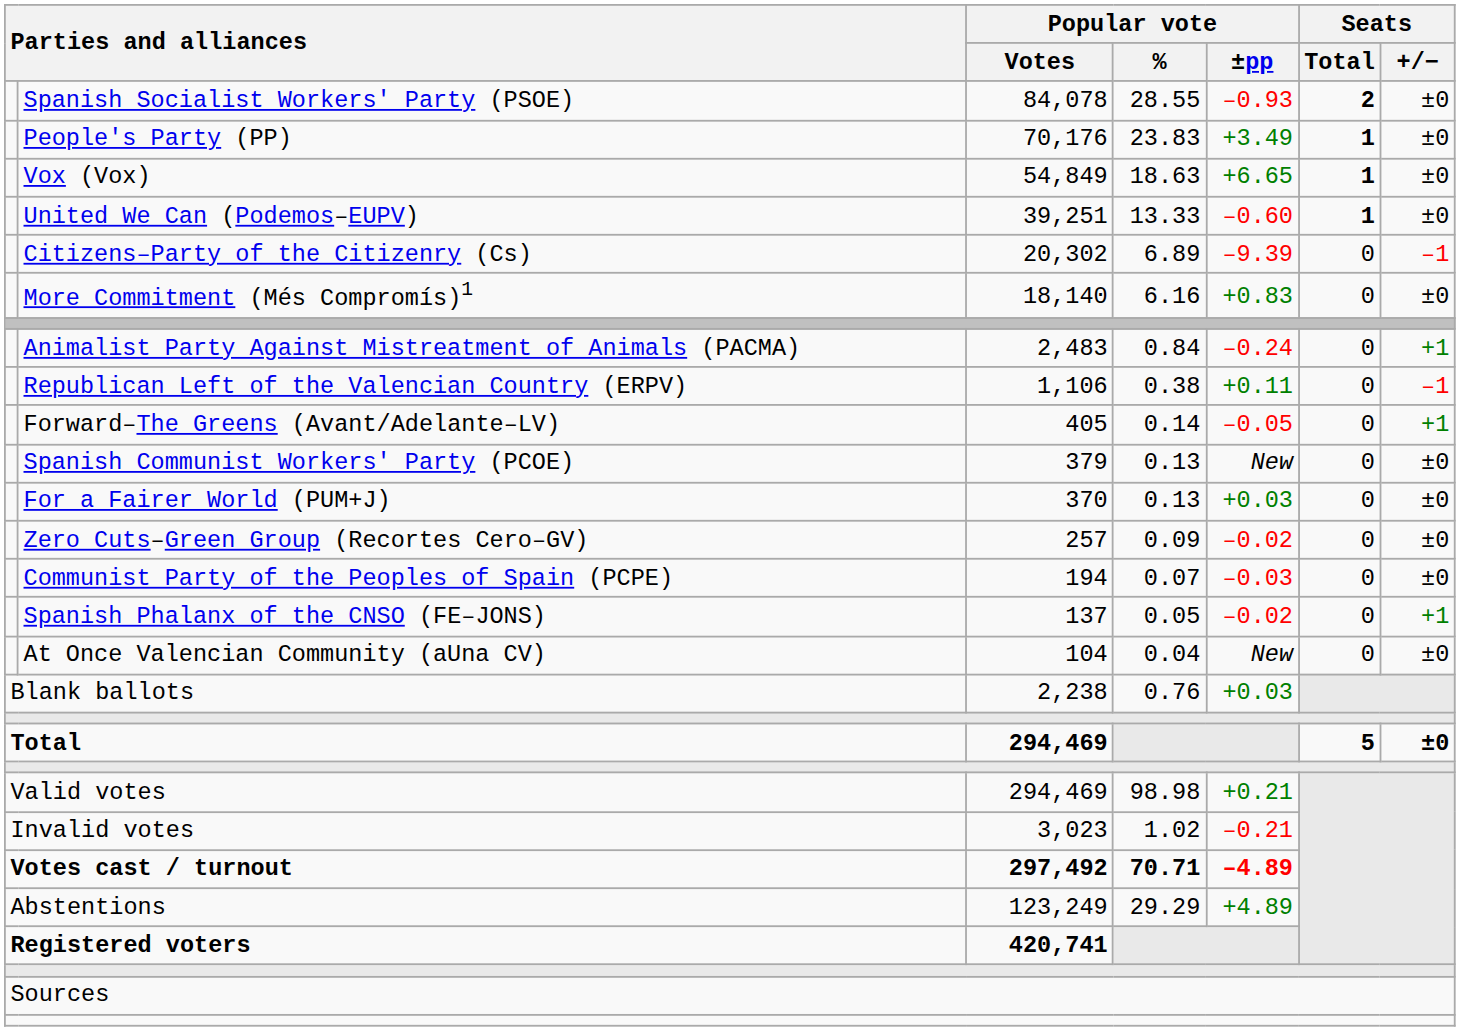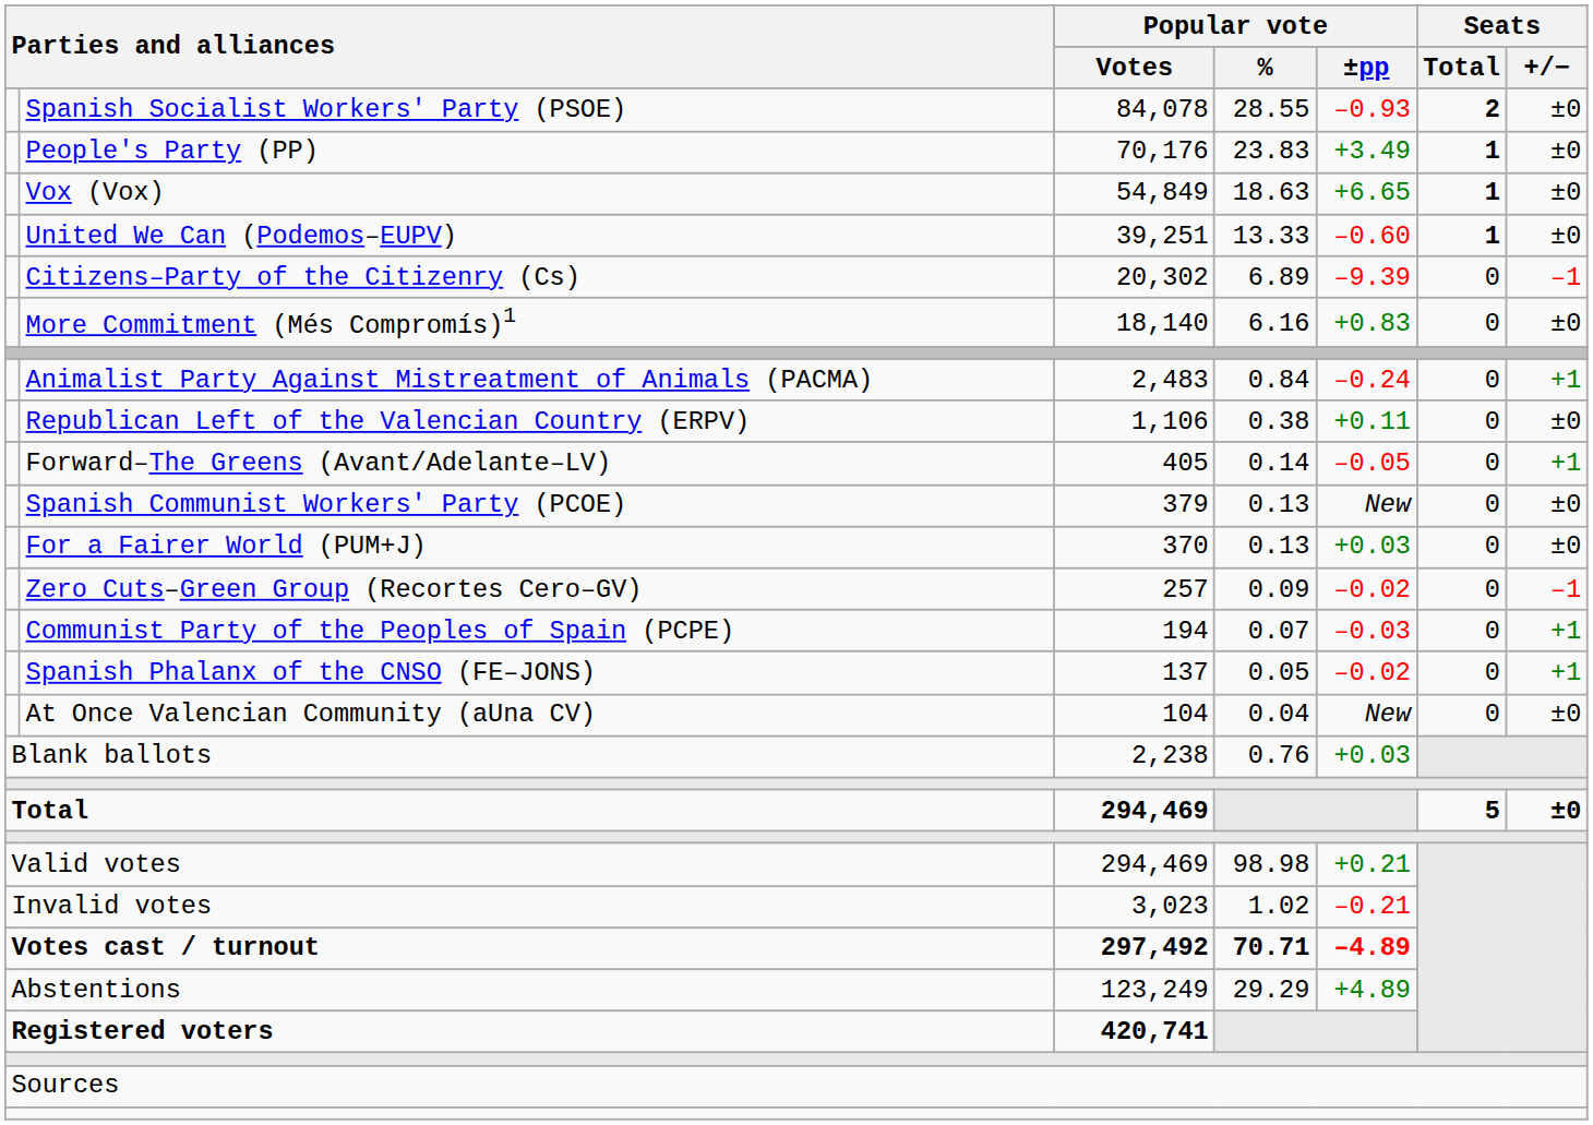 <table class="wikitable" style="text-align:right;">
 <tr>
 <th style="text-align:left;" rowspan="2" colspan="2" width="525">Parties and alliances</th>
 <th colspan="3">Popular vote</th>
 <th colspan="2">Seats</th>
 </tr>
 <tr>
 <th width="75">Votes</th>
 <th width="45">%</th>
 <th width="45">±<a href='#'>pp</a></th>
 <th width="35">Total</th>
 <th width="35">+/−</th>
 </tr>
 <tr>
 <td width="1" style="color:inherit;background:"></td>
 <td align="left"><a href='#'>Spanish Socialist Workers' Party</a> (PSOE)</td>
 <td>84,078</td>
 <td>28.55</td>
 <td style="color:red;">–0.93</td>
 <td><strong>2</strong></td>
 <td>±0</td>
 </tr>
 <tr>
 <td style="color:inherit;background:"></td>
 <td align="left"><a href='#'>People's Party</a> (PP)</td>
 <td>70,176</td>
 <td>23.83</td>
 <td style="color:green;">+3.49</td>
 <td><strong>1</strong></td>
 <td>±0</td>
 </tr>
 <tr>
 <td style="color:inherit;background:"></td>
 <td align="left"><a href='#'>Vox</a> (Vox)</td>
 <td>54,849</td>
 <td>18.63</td>
 <td style="color:green;">+6.65</td>
 <td><strong>1</strong></td>
 <td>±0</td>
 </tr>
 <tr>
 <td style="color:inherit;background:"></td>
 <td align="left"><a href='#'>United We Can</a> (<a href='#'>Podemos</a>–<a href='#'>EUPV</a>)</td>
 <td>39,251</td>
 <td>13.33</td>
 <td style="color:red;">–0.60</td>
 <td><strong>1</strong></td>
 <td>±0</td>
 </tr>
 <tr>
 <td style="color:inherit;background:"></td>
 <td align="left"><a href='#'>Citizens–Party of the Citizenry</a> (Cs)</td>
 <td>20,302</td>
 <td>6.89</td>
 <td style="color:red;">–9.39</td>
 <td>0</td>
 <td style="color:red;">–1</td>
 </tr>
 <tr>
 <td style="color:inherit;background:"></td>
 <td align="left"><a href='#'>More Commitment</a> (Més Compromís)<sup>1</sup></td>
 <td>18,140</td>
 <td>6.16</td>
 <td style="color:green;">+0.83</td>
 <td>0</td>
 <td>±0</td>
 </tr>
 <tr>
 <td colspan="7" bgcolor="#C0C0C0"></td>
 </tr>
 <tr>
 <td style="color:inherit;background:"></td>
 <td align="left"><a href='#'>Animalist Party Against Mistreatment of Animals</a> (PACMA)</td>
 <td>2,483</td>
 <td>0.84</td>
 <td style="color:red;">–0.24</td>
 <td>0</td>
 <td style="color:green;">+1</td>
 </tr>
 <tr>
 <td style="color:inherit;background:"></td>
 <td align="left"><a href='#'>Republican Left of the Valencian Country</a> (ERPV)</td>
 <td>1,106</td>
 <td>0.38</td>
 <td style="color:green;">+0.11</td>
 <td>0</td>
-<td style="color:red;">–1</td>
+<td>±0</td>
 </tr>
 <tr>
 <td style="color:inherit;background:"></td>
 <td align="left">Forward–<a href='#'>The Greens</a> (Avant/Adelante–LV)</td>
 <td>405</td>
 <td>0.14</td>
 <td style="color:red;">–0.05</td>
 <td>0</td>
 <td style="color:green;">+1</td>
 </tr>
 <tr>
 <td style="color:inherit;background:"></td>
 <td align="left"><a href='#'>Spanish Communist Workers' Party</a> (PCOE)</td>
 <td>379</td>
 <td>0.13</td>
 <td><em>New</em></td>
 <td>0</td>
 <td>±0</td>
 </tr>
 <tr>
 <td style="color:inherit;background:"></td>
 <td align="left"><a href='#'>For a Fairer World</a> (PUM+J)</td>
 <td>370</td>
 <td>0.13</td>
 <td style="color:green;">+0.03</td>
 <td>0</td>
 <td>±0</td>
 </tr>
 <tr>
 <td style="color:inherit;background:"></td>
 <td align="left"><a href='#'>Zero Cuts</a>–<a href='#'>Green Group</a> (Recortes Cero–GV)</td>
 <td>257</td>
 <td>0.09</td>
 <td style="color:red;">–0.02</td>
 <td>0</td>
-<td>±0</td>
+<td style="color:red;">–1</td>
 </tr>
 <tr>
 <td style="color:inherit;background:"></td>
 <td align="left"><a href='#'>Communist Party of the Peoples of Spain</a> (PCPE)</td>
 <td>194</td>
 <td>0.07</td>
 <td style="color:red;">–0.03</td>
 <td>0</td>
-<td>±0</td>
+<td style="color:green;">+1</td>
 </tr>
 <tr>
 <td style="color:inherit;background:"></td>
 <td align="left"><a href='#'>Spanish Phalanx of the CNSO</a> (FE–JONS)</td>
 <td>137</td>
 <td>0.05</td>
 <td style="color:red;">–0.02</td>
 <td>0</td>
 <td style="color:green;">+1</td>
 </tr>
 <tr>
 <td style="color:inherit;background:"></td>
 <td align="left">At Once Valencian Community (aUna CV)</td>
 <td>104</td>
 <td>0.04</td>
 <td><em>New</em></td>
 <td>0</td>
 <td>±0</td>
 </tr>
 <tr>
 <td align="left" colspan="2">Blank ballots</td>
 <td>2,238</td>
 <td>0.76</td>
 <td style="color:green;">+0.03</td>
 <td bgcolor="#E9E9E9" colspan="2"></td>
 </tr>
 <tr>
 <td colspan="7" bgcolor="#E9E9E9"></td>
 </tr>
 <tr style="font-weight:bold;">
 <td align="left" colspan="2">Total</td>
 <td>294,469</td>
 <td bgcolor="#E9E9E9" colspan="2"></td>
 <td>5</td>
 <td>±0</td>
 </tr>
 <tr>
 <td colspan="7" bgcolor="#E9E9E9"></td>
 </tr>
 <tr>
 <td align="left" colspan="2">Valid votes</td>
 <td>294,469</td>
 <td>98.98</td>
 <td style="color:green;">+0.21</td>
 <td bgcolor="#E9E9E9" colspan="2" rowspan="5"></td>
 </tr>
 <tr>
 <td align="left" colspan="2">Invalid votes</td>
 <td>3,023</td>
 <td>1.02</td>
 <td style="color:red;">–0.21</td>
 </tr>
 <tr style="font-weight:bold;">
 <td align="left" colspan="2">Votes cast / turnout</td>
 <td>297,492</td>
 <td>70.71</td>
 <td style="color:red;">–4.89</td>
 </tr>
 <tr>
 <td align="left" colspan="2">Abstentions</td>
 <td>123,249</td>
 <td>29.29</td>
 <td style="color:green;">+4.89</td>
 </tr>
 <tr style="font-weight:bold;">
 <td align="left" colspan="2">Registered voters</td>
 <td>420,741</td>
 <td bgcolor="#E9E9E9" colspan="2"></td>
 </tr>
 <tr>
 <td colspan="7" bgcolor="#E9E9E9"></td>
 </tr>
 <tr>
 <td align="left" colspan="7">Sources</td>
 </tr>
 <tr>
 <td colspan="7" style="text-align:left; max-width:790px;"></td>
 </tr>
 </table>
